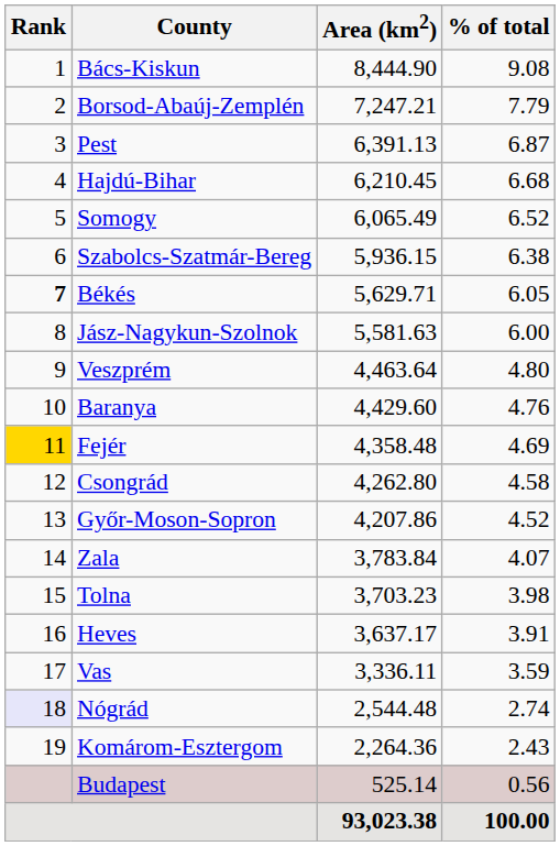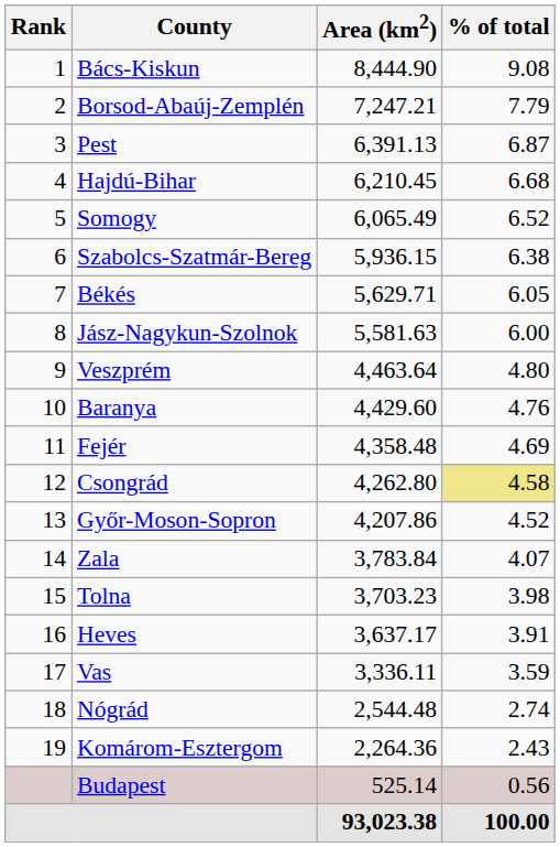 <table class="wikitable sortable">
 <tr>
 <th align="left" scope="col">Rank</th>
 <th scope="col">County</th>
 <th scope="col">Area (km<sup>2</sup>)</th>
 <th scope="col">% of total</th>
 </tr>
 <tr align="right">
 <td>1</td>
 <td align="left"><a href='#'>Bács-Kiskun</a></td>
 <td>8,444.90</td>
 <td>   9.08</td>
 </tr>
 <tr align="right">
 <td>2</td>
 <td align="left"><a href='#'>Borsod-Abaúj-Zemplén</a></td>
 <td>7,247.21</td>
 <td>   7.79</td>
 </tr>
 <tr align="right">
 <td>3</td>
 <td align="left"><a href='#'>Pest</a></td>
 <td>6,391.13</td>
 <td>   6.87</td>
 </tr>
 <tr align="right">
 <td>4</td>
 <td align="left"><a href='#'>Hajdú-Bihar</a></td>
 <td>6,210.45</td>
 <td>   6.68</td>
 </tr>
 <tr align="right">
 <td>5</td>
 <td align="left"><a href='#'>Somogy</a></td>
 <td>6,065.49</td>
 <td>   6.52</td>
 </tr>
 <tr align="right">
 <td>6</td>
 <td align="left"><a href='#'>Szabolcs-Szatmár-Bereg</a></td>
 <td>5,936.15</td>
 <td>   6.38</td>
 </tr>
 <tr align="right">
-<td><strong>7</strong></td>
+<td>7</td>
 <td align="left"><a href='#'>Békés</a></td>
 <td>5,629.71</td>
 <td>   6.05</td>
 </tr>
 <tr align="right">
 <td>8</td>
 <td align="left"><a href='#'>Jász-Nagykun-Szolnok</a></td>
 <td>5,581.63</td>
 <td>   6.00</td>
 </tr>
 <tr align="right">
 <td>9</td>
 <td align="left"><a href='#'>Veszprém</a></td>
 <td>4,463.64</td>
 <td>   4.80</td>
 </tr>
 <tr align="right">
 <td>10</td>
 <td align="left"><a href='#'>Baranya</a></td>
 <td>4,429.60</td>
 <td>   4.76</td>
 </tr>
 <tr align="right">
-<td style="background: gold;">11</td>
+<td>11</td>
 <td align="left"><a href='#'>Fejér</a></td>
 <td>4,358.48</td>
 <td>   4.69</td>
 </tr>
 <tr align="right">
 <td>12</td>
 <td align="left"><a href='#'>Csongrád</a></td>
 <td>4,262.80</td>
-<td>   4.58</td>
+<td style="background: khaki;">   4.58</td>
 </tr>
 <tr align="right">
 <td>13</td>
 <td align="left"><a href='#'>Győr-Moson-Sopron</a></td>
 <td>4,207.86</td>
 <td>   4.52</td>
 </tr>
 <tr align="right">
 <td>14</td>
 <td align="left"><a href='#'>Zala</a></td>
 <td>3,783.84</td>
 <td>   4.07</td>
 </tr>
 <tr align="right">
 <td>15</td>
 <td align="left"><a href='#'>Tolna</a></td>
 <td>3,703.23</td>
 <td>   3.98</td>
 </tr>
 <tr align="right">
 <td>16</td>
 <td align="left"><a href='#'>Heves</a></td>
 <td>3,637.17</td>
 <td>   3.91</td>
 </tr>
 <tr align="right">
 <td>17</td>
 <td align="left"><a href='#'>Vas</a></td>
 <td>3,336.11</td>
 <td>   3.59</td>
 </tr>
 <tr align="right">
-<td style="background: lavender;">18</td>
+<td>18</td>
 <td align="left"><a href='#'>Nógrád</a></td>
 <td>2,544.48</td>
 <td>   2.74</td>
 </tr>
 <tr align="right">
 <td>19</td>
 <td align="left"><a href='#'>Komárom-Esztergom</a></td>
 <td>2,264.36</td>
 <td>   2.43</td>
 </tr>
 <tr style="background:#dcc;">
 <td align="center"></td>
 <td align="left"><a href='#'>Budapest</a></td>
 <td align="right">525.14</td>
 <td align="right">   0.56</td>
 </tr>
 <tr bgcolor="E5E4E2">
 <td align=center; colspan="2"><strong></strong></td>
 <td align=right><strong>93,023.38 </strong></td>
 <td align=right><strong>100.00</strong></td>
 </tr>
 </table>
